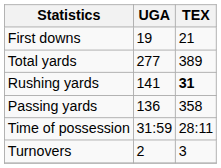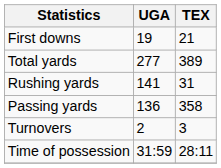 <table class="wikitable" style="float: left;">
 <tr>
 <th>Statistics</th>
 <th>UGA</th>
 <th>TEX</th>
 </tr>
 <tr>
 <td>First downs</td>
 <td>19</td>
 <td>21</td>
 </tr>
 <tr>
 <td>Total yards</td>
 <td>277</td>
 <td>389</td>
 </tr>
 <tr>
 <td>Rushing yards</td>
 <td>141</td>
-<td><strong>31</strong></td>
+<td>31</td>
 </tr>
 <tr>
 <td>Passing yards</td>
 <td>136</td>
 <td>358</td>
 </tr>
 <tr>
+<td>Turnovers</td>
+<td>2</td>
+<td>3</td>
+</tr>
+<tr>
 <td>Time of possession</td>
 <td>31:59</td>
 <td>28:11</td>
 </tr>
 <tr>
-<td>Turnovers</td>
-<td>2</td>
-<td>3</td>
-</tr>
-<tr>
 </tr>
 </table>
